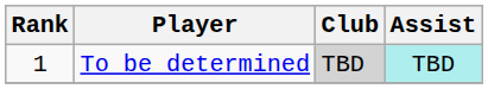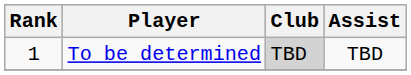 <table class="wikitable" style="text-align:center">
 <tr>
 <th>Rank</th>
 <th>Player</th>
 <th>Club</th>
 <th>Assist</th>
 </tr>
 <tr>
 <td>1</td>
 <td style="text-align:left;"><a href='#'>To be determined</a></td>
 <td style="background: lightgrey; text-align:left;">TBD</td>
-<td style="background: paleturquoise;">TBD</td>
+<td>TBD</td>
 </tr>
 <tr>
 </tr>
 </table>
